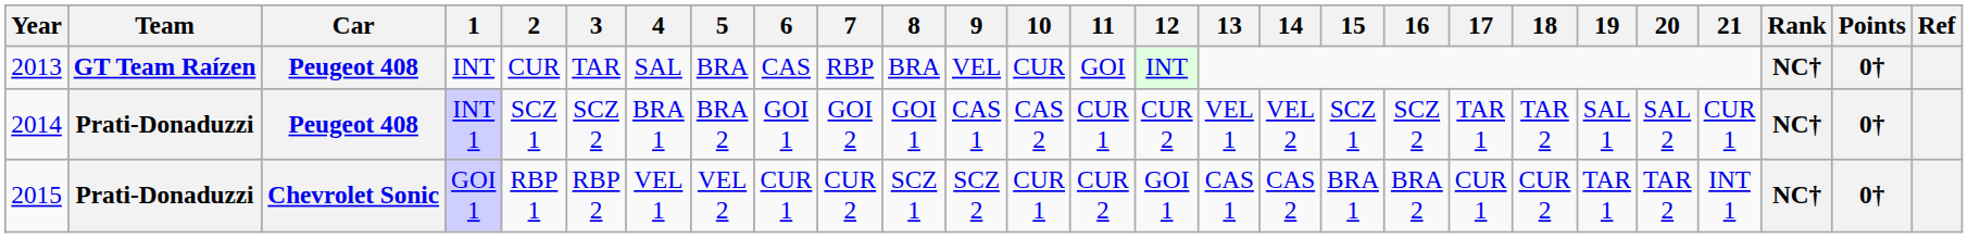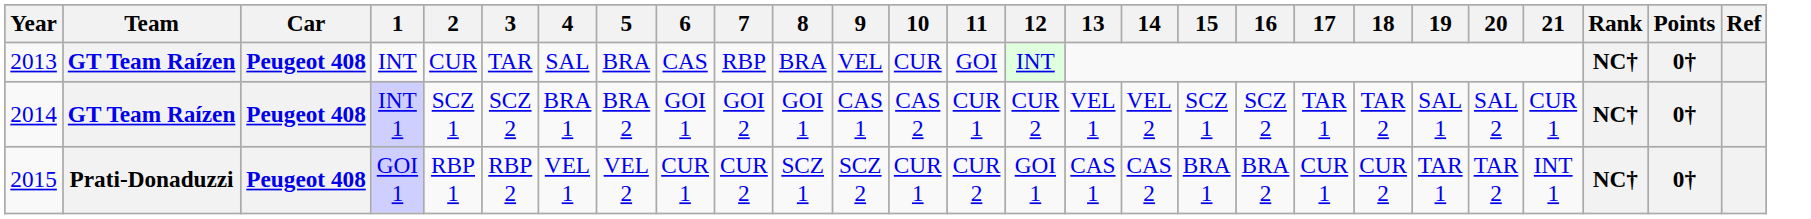 <table class="wikitable" style="text-align:center; font-size:85%">
 <tr>
 <th>Year</th>
 <th>Team</th>
 <th>Car</th>
 <th>1</th>
 <th>2</th>
 <th>3</th>
 <th>4</th>
 <th>5</th>
 <th>6</th>
 <th>7</th>
 <th>8</th>
 <th>9</th>
 <th>10</th>
 <th>11</th>
 <th>12</th>
 <th>13</th>
 <th>14</th>
 <th>15</th>
 <th>16</th>
 <th>17</th>
 <th>18</th>
 <th>19</th>
 <th>20</th>
 <th>21</th>
 <th>Rank</th>
 <th>Points</th>
 <th>Ref</th>
 </tr>
 <tr>
 <td><a href='#'>2013</a></td>
 <th nowrap><a href='#'>GT Team Raízen</a></th>
 <th nowrap><a href='#'>Peugeot 408</a></th>
 <td><a href='#'>INT</a></td>
 <td><a href='#'>CUR</a></td>
 <td><a href='#'>TAR</a></td>
 <td><a href='#'>SAL</a></td>
 <td><a href='#'>BRA</a></td>
 <td><a href='#'>CAS</a></td>
 <td><a href='#'>RBP</a></td>
 <td><a href='#'>BRA</a></td>
 <td><a href='#'>VEL</a></td>
 <td><a href='#'>CUR</a></td>
 <td><a href='#'>GOI</a></td>
 <td style="background:#DFFFDF;"><a href='#'>INT</a><br></td>
 <td colspan=9></td>
 <th>NC†</th>
 <th>0†</th>
 <th></th>
 </tr>
 <tr>
 <td><a href='#'>2014</a></td>
-<th nowrap>Prati-Donaduzzi</th>
+<th nowrap><a href='#'>GT Team Raízen</a></th>
 <th nowrap><a href='#'>Peugeot 408</a></th>
 <td style="background:#CFCFFF;"><a href='#'>INT<br>1</a><br></td>
 <td><a href='#'>SCZ<br>1</a></td>
 <td><a href='#'>SCZ<br>2</a></td>
 <td><a href='#'>BRA<br>1</a></td>
 <td><a href='#'>BRA<br>2</a></td>
 <td><a href='#'>GOI<br>1</a></td>
 <td><a href='#'>GOI<br>2</a></td>
 <td><a href='#'>GOI<br>1</a></td>
 <td><a href='#'>CAS<br>1</a></td>
 <td><a href='#'>CAS<br>2</a></td>
 <td><a href='#'>CUR<br>1</a></td>
 <td><a href='#'>CUR<br>2</a></td>
 <td><a href='#'>VEL<br>1</a></td>
 <td><a href='#'>VEL<br>2</a></td>
 <td><a href='#'>SCZ<br>1</a></td>
 <td><a href='#'>SCZ<br>2</a></td>
 <td><a href='#'>TAR<br>1</a></td>
 <td><a href='#'>TAR<br>2</a></td>
 <td><a href='#'>SAL<br>1</a></td>
 <td><a href='#'>SAL<br>2</a></td>
 <td><a href='#'>CUR<br>1</a></td>
 <th>NC†</th>
 <th>0†</th>
 <th></th>
 </tr>
 <tr>
 <td><a href='#'>2015</a></td>
 <th nowrap>Prati-Donaduzzi</th>
-<th nowrap><a href='#'>Chevrolet Sonic</a></th>
+<th nowrap><a href='#'>Peugeot 408</a></th>
 <td style="background:#CFCFFF;"><a href='#'>GOI<br>1</a><br></td>
 <td><a href='#'>RBP<br>1</a></td>
 <td><a href='#'>RBP<br>2</a></td>
 <td><a href='#'>VEL<br>1</a></td>
 <td><a href='#'>VEL<br>2</a></td>
 <td><a href='#'>CUR<br>1</a></td>
 <td><a href='#'>CUR<br>2</a></td>
 <td><a href='#'>SCZ<br>1</a></td>
 <td><a href='#'>SCZ<br>2</a></td>
 <td><a href='#'>CUR<br>1</a></td>
 <td><a href='#'>CUR<br>2</a></td>
 <td><a href='#'>GOI<br>1</a></td>
 <td><a href='#'>CAS<br>1</a></td>
 <td><a href='#'>CAS<br>2</a></td>
 <td><a href='#'>BRA<br>1</a></td>
 <td><a href='#'>BRA<br>2</a></td>
 <td><a href='#'>CUR<br>1</a></td>
 <td><a href='#'>CUR<br>2</a></td>
 <td><a href='#'>TAR<br>1</a></td>
 <td><a href='#'>TAR<br>2</a></td>
 <td><a href='#'>INT<br>1</a></td>
 <th>NC†</th>
 <th>0†</th>
 <th></th>
 </tr>
 </table>
